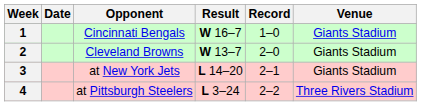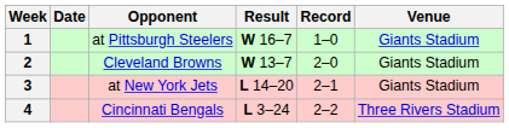 <table class="wikitable" style="text-align:center">
 <tr>
 <th>Week</th>
 <th>Date</th>
 <th>Opponent</th>
 <th>Result</th>
 <th>Record</th>
 <th>Venue</th>
 </tr>
 <tr style="background:#cfc">
 <th>1</th>
 <td></td>
-<td><a href='#'>Cincinnati Bengals</a></td>
+<td>at <a href='#'>Pittsburgh Steelers</a></td>
 <td><strong>W</strong> 16–7</td>
 <td>1–0</td>
 <td><a href='#'>Giants Stadium</a></td>
 </tr>
 <tr style="background:#cfc">
 <th>2</th>
 <td></td>
 <td><a href='#'>Cleveland Browns</a></td>
 <td><strong>W</strong> 13–7</td>
 <td>2–0</td>
 <td>Giants Stadium</td>
 </tr>
 <tr style="background:#fcc">
 <th>3</th>
 <td></td>
 <td>at <a href='#'>New York Jets</a></td>
 <td><strong>L</strong> 14–20</td>
 <td>2–1</td>
 <td>Giants Stadium</td>
 </tr>
 <tr style="background:#fcc">
 <th>4</th>
 <td></td>
-<td>at <a href='#'>Pittsburgh Steelers</a></td>
+<td><a href='#'>Cincinnati Bengals</a></td>
 <td><strong>L</strong> 3–24</td>
 <td>2–2</td>
 <td><a href='#'>Three Rivers Stadium</a></td>
 </tr>
 </table>
